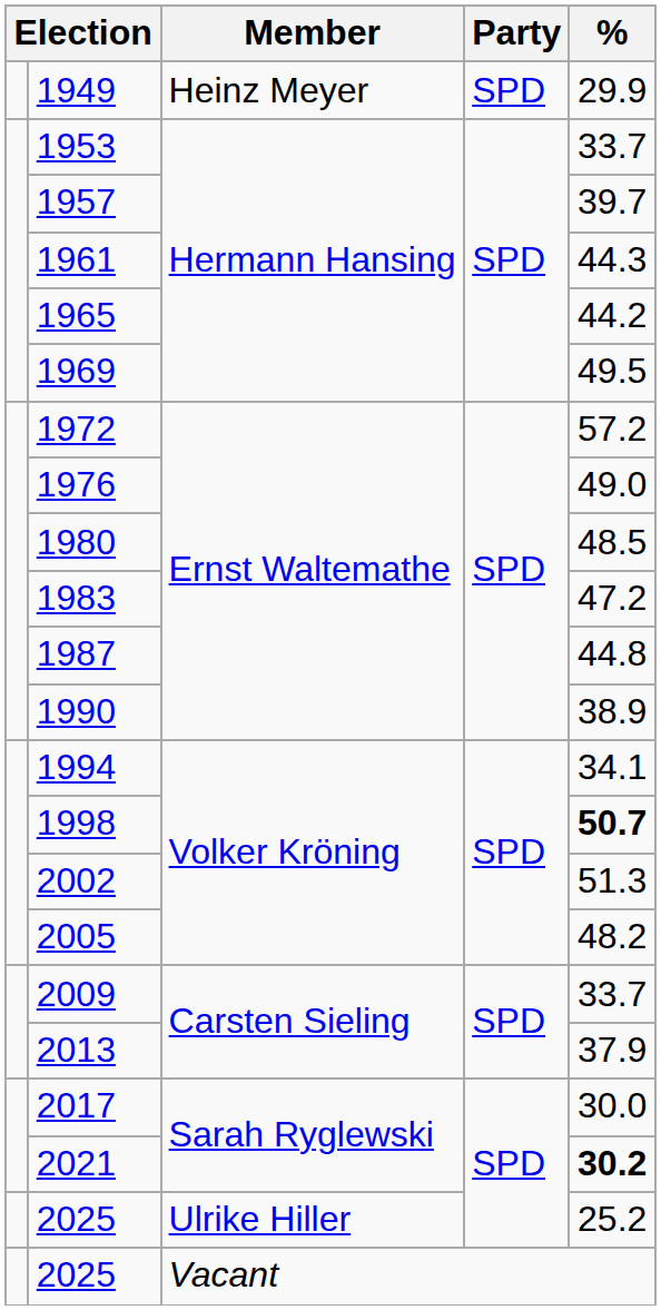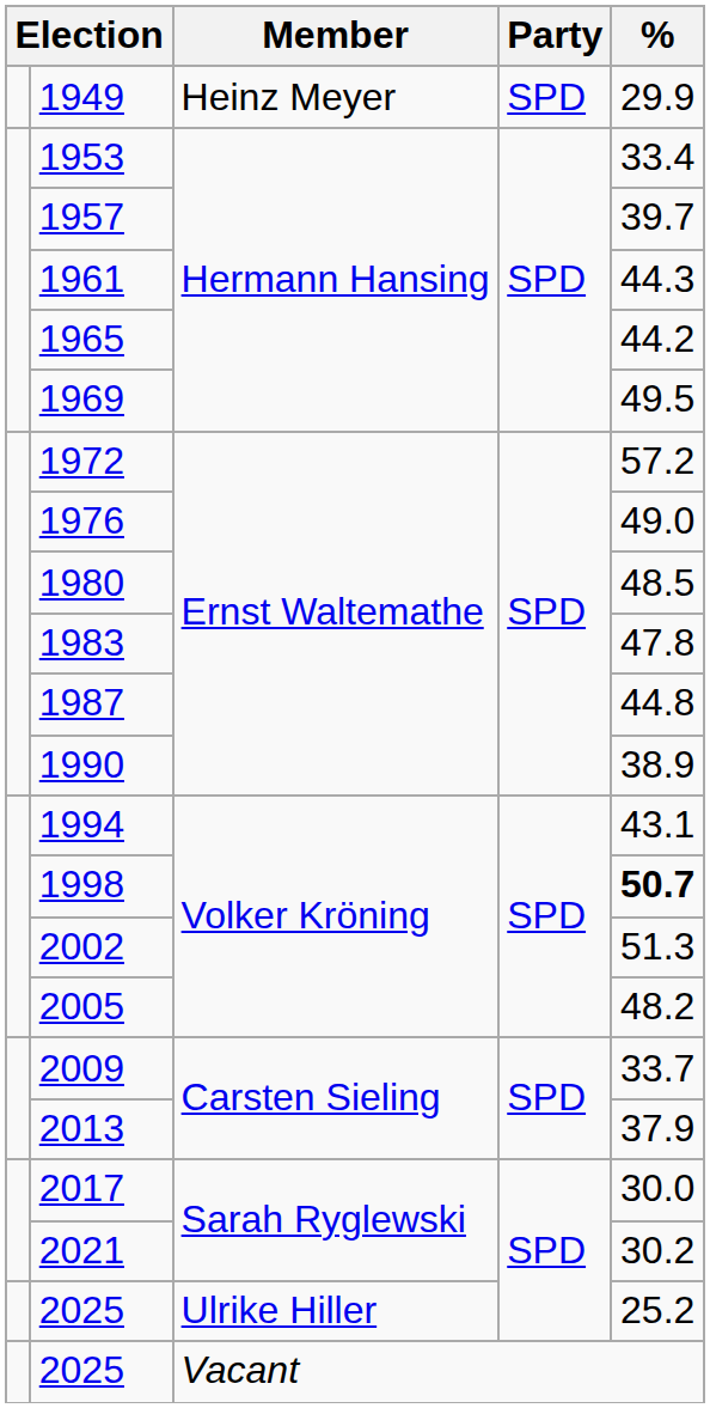 <table class=wikitable>
 <tr>
 <th colspan=2>Election</th>
 <th>Member</th>
 <th>Party</th>
 <th>%</th>
 </tr>
 <tr>
 <td bgcolor=></td>
 <td><a href='#'>1949</a></td>
 <td>Heinz Meyer</td>
 <td><a href='#'>SPD</a></td>
 <td align=right>29.9</td>
 </tr>
 <tr>
 <td rowspan=5 bgcolor=></td>
 <td><a href='#'>1953</a></td>
 <td rowspan=5><a href='#'>Hermann Hansing</a></td>
 <td rowspan=5><a href='#'>SPD</a></td>
-<td align=right>33.7</td>
+<td align=right>33.4</td>
 </tr>
 <tr>
 <td><a href='#'>1957</a></td>
 <td align=right>39.7</td>
 </tr>
 <tr>
 <td><a href='#'>1961</a></td>
 <td align=right>44.3</td>
 </tr>
 <tr>
 <td><a href='#'>1965</a></td>
 <td align=right>44.2</td>
 </tr>
 <tr>
 <td><a href='#'>1969</a></td>
 <td align=right>49.5</td>
 </tr>
 <tr>
 <td rowspan=6 bgcolor=></td>
 <td><a href='#'>1972</a></td>
 <td rowspan=6><a href='#'>Ernst Waltemathe</a></td>
 <td rowspan=6><a href='#'>SPD</a></td>
 <td align=right>57.2</td>
 </tr>
 <tr>
 <td><a href='#'>1976</a></td>
 <td align=right>49.0</td>
 </tr>
 <tr>
 <td><a href='#'>1980</a></td>
 <td align=right>48.5</td>
 </tr>
 <tr>
 <td><a href='#'>1983</a></td>
-<td align=right>47.2</td>
+<td align=right>47.8</td>
 </tr>
 <tr>
 <td><a href='#'>1987</a></td>
 <td align=right>44.8</td>
 </tr>
 <tr>
 <td><a href='#'>1990</a></td>
 <td align=right>38.9</td>
 </tr>
 <tr>
 <td rowspan=4 bgcolor=></td>
 <td><a href='#'>1994</a></td>
 <td rowspan=4><a href='#'>Volker Kröning</a></td>
 <td rowspan=4><a href='#'>SPD</a></td>
-<td align=right>34.1</td>
+<td align=right>43.1</td>
 </tr>
 <tr>
 <td><a href='#'>1998</a></td>
 <td align=right><strong>50.7</strong></td>
 </tr>
 <tr>
 <td><a href='#'>2002</a></td>
 <td align=right>51.3</td>
 </tr>
 <tr>
 <td><a href='#'>2005</a></td>
 <td align=right>48.2</td>
 </tr>
 <tr>
 <td rowspan=2 bgcolor=></td>
 <td><a href='#'>2009</a></td>
 <td rowspan=2><a href='#'>Carsten Sieling</a></td>
 <td rowspan=2><a href='#'>SPD</a></td>
 <td align=right>33.7</td>
 </tr>
 <tr>
 <td><a href='#'>2013</a></td>
 <td align=right>37.9</td>
 </tr>
 <tr>
 <td rowspan=2 bgcolor=></td>
 <td><a href='#'>2017</a></td>
 <td rowspan=2><a href='#'>Sarah Ryglewski</a></td>
 <td rowspan="3"><a href='#'>SPD</a></td>
 <td align=right>30.0</td>
 </tr>
 <tr>
 <td><a href='#'>2021</a></td>
-<td align=right><strong>30.2</strong></td>
+<td align=right>30.2</td>
 </tr>
 <tr>
 <td></td>
 <td><a href='#'>2025</a></td>
 <td><a href='#'>Ulrike Hiller</a></td>
 <td>25.2</td>
 </tr>
 <tr>
 <td></td>
 <td><a href='#'>2025</a></td>
 <td colspan=3><em>Vacant</em></td>
 </tr>
 </table>
